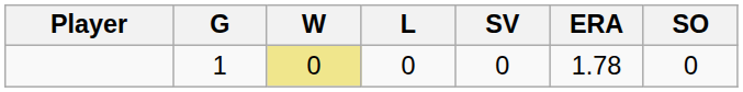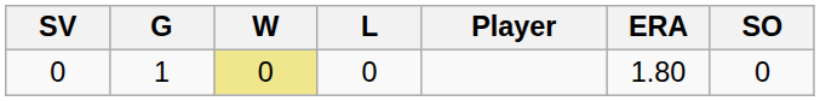 <table class="wikitable sortable">
 <tr>
-<th bgcolor="#DDDDFF" width="16%">Player</th>
+<th bgcolor="#DDDDFF" width="9%">SV</th>
 <th bgcolor="#DDDDFF" width="9%">G</th>
 <th bgcolor="#DDDDFF" width="9%">W</th>
 <th bgcolor="#DDDDFF" width="9%">L</th>
-<th bgcolor="#DDDDFF" width="9%">SV</th>
+<th bgcolor="#DDDDFF" width="16%">Player</th>
 <th bgcolor="#DDDDFF" width="9%">ERA</th>
 <th bgcolor="#DDDDFF" width="9%">SO</th>
 </tr>
 <tr align="center">
-<td></td>
+<td>0</td>
 <td>1</td>
 <td style="background: khaki;">0</td>
 <td>0</td>
-<td>0</td>
-<td>1.78</td>
+<td></td>
+<td>1.80</td>
 <td>0</td>
 </tr>
 </table>
